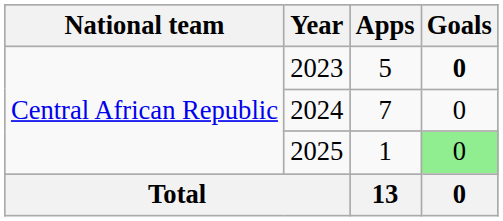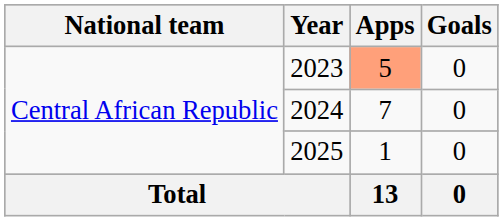 <table class="wikitable" style="text-align:center">
 <tr>
 <th>National team</th>
 <th>Year</th>
 <th>Apps</th>
 <th>Goals</th>
 </tr>
 <tr>
 <td rowspan=3><a href='#'>Central African Republic</a></td>
 <td>2023</td>
-<td>5</td>
-<td><strong>0</strong></td>
+<td style="background: lightsalmon;">5</td>
+<td>0</td>
 </tr>
 <tr>
 <td>2024</td>
 <td>7</td>
 <td>0</td>
 </tr>
 <tr>
 <td>2025</td>
 <td>1</td>
-<td style="background: lightgreen;">0</td>
+<td>0</td>
 </tr>
 <tr>
 <th colspan=2>Total</th>
 <th>13</th>
 <th>0</th>
 </tr>
 </table>
